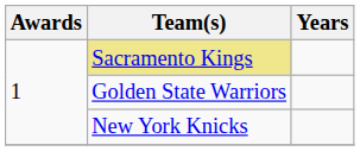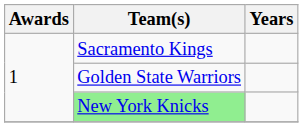 <table class="wikitable">
 <tr>
 <th>Awards</th>
 <th>Team(s)</th>
 <th>Years</th>
 </tr>
 <tr>
 <td rowspan="3">1</td>
-<td style="background: khaki;"><a href='#'>Sacramento Kings</a></td>
+<td><a href='#'>Sacramento Kings</a></td>
 <td></td>
 </tr>
 <tr>
 <td><a href='#'>Golden State Warriors</a></td>
 <td></td>
 </tr>
 <tr>
-<td><a href='#'>New York Knicks</a></td>
+<td style="background: lightgreen;"><a href='#'>New York Knicks</a></td>
 <td></td>
 </tr>
 <tr>
 </tr>
 </table>
